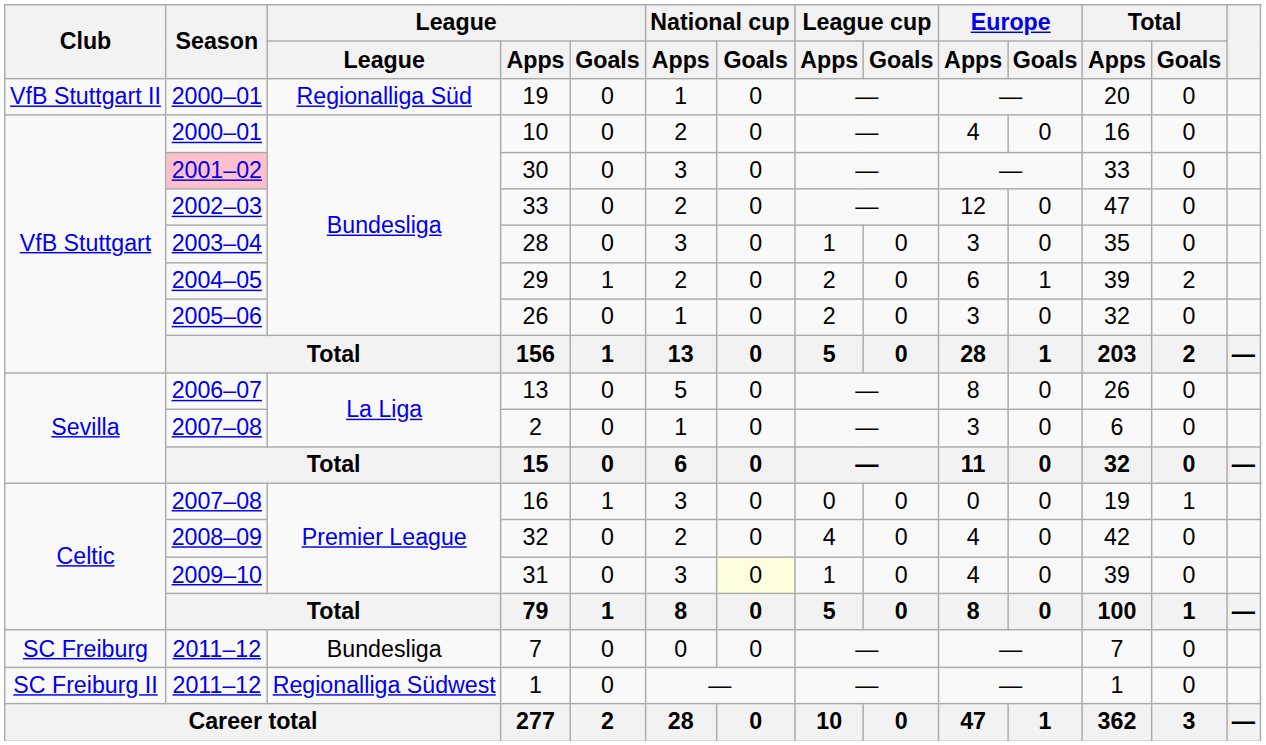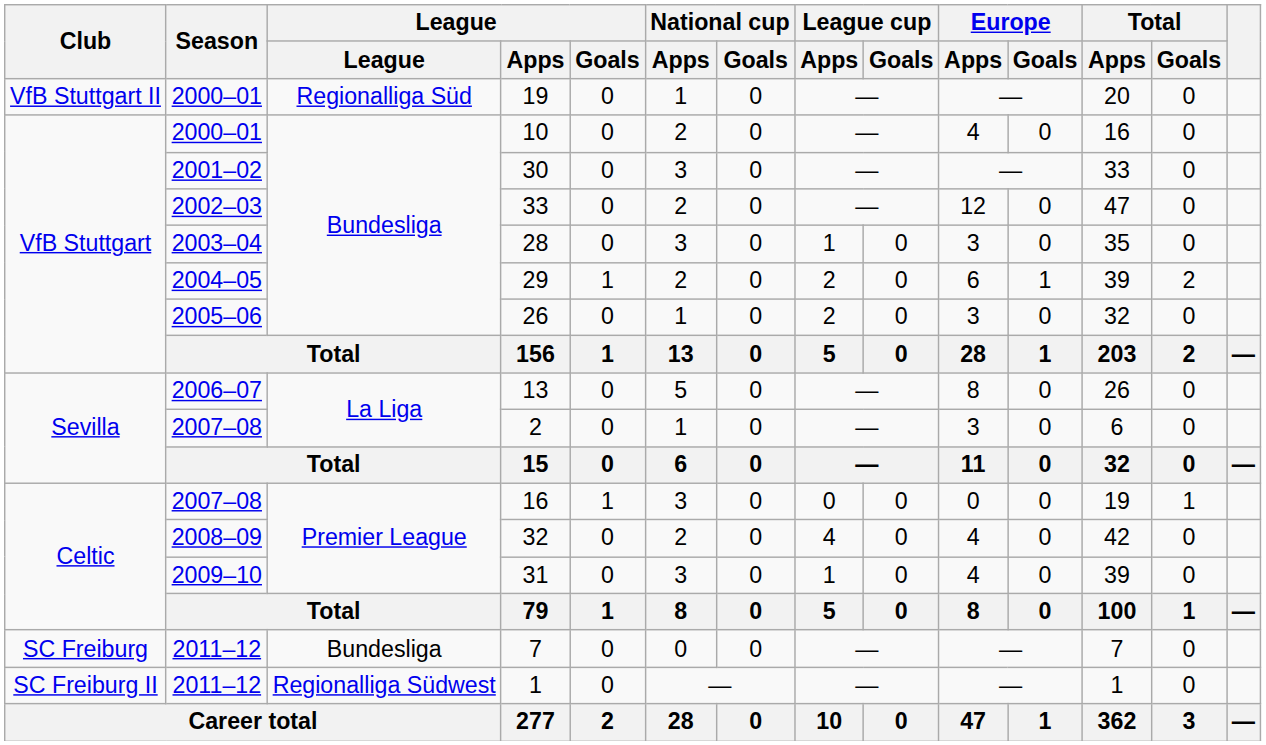 <table class="wikitable" style="text-align:center">
 <tr>
 <th rowspan="2">Club</th>
 <th rowspan="2">Season</th>
 <th colspan="3">League</th>
 <th colspan="2">National cup</th>
 <th colspan="2">League cup</th>
 <th colspan="2"><a href='#'>Europe</a></th>
 <th colspan="2">Total</th>
 <th rowspan="2"></th>
 </tr>
 <tr>
 <th>League</th>
 <th>Apps</th>
 <th>Goals</th>
 <th>Apps</th>
 <th>Goals</th>
 <th>Apps</th>
 <th>Goals</th>
 <th>Apps</th>
 <th>Goals</th>
 <th>Apps</th>
 <th>Goals</th>
 </tr>
 <tr>
 <td><a href='#'>VfB Stuttgart II</a></td>
 <td><a href='#'>2000–01</a></td>
 <td><a href='#'>Regionalliga Süd</a></td>
 <td>19</td>
 <td>0</td>
 <td>1</td>
 <td>0</td>
 <td colspan="2">—</td>
 <td colspan="2">—</td>
 <td>20</td>
 <td>0</td>
 <td></td>
 </tr>
 <tr>
 <td rowspan="7"><a href='#'>VfB Stuttgart</a></td>
 <td><a href='#'>2000–01</a></td>
 <td rowspan="6"><a href='#'>Bundesliga</a></td>
 <td>10</td>
 <td>0</td>
 <td>2</td>
 <td>0</td>
 <td colspan="2">—</td>
 <td>4</td>
 <td>0</td>
 <td>16</td>
 <td>0</td>
 <td></td>
 </tr>
 <tr>
-<td style="background: pink;"><a href='#'>2001–02</a></td>
+<td><a href='#'>2001–02</a></td>
 <td>30</td>
 <td>0</td>
 <td>3</td>
 <td>0</td>
 <td colspan="2">—</td>
 <td colspan="2">—</td>
 <td>33</td>
 <td>0</td>
 <td></td>
 </tr>
 <tr>
 <td><a href='#'>2002–03</a></td>
 <td>33</td>
 <td>0</td>
 <td>2</td>
 <td>0</td>
 <td colspan="2">—</td>
 <td>12</td>
 <td>0</td>
 <td>47</td>
 <td>0</td>
 <td></td>
 </tr>
 <tr>
 <td><a href='#'>2003–04</a></td>
 <td>28</td>
 <td>0</td>
 <td>3</td>
 <td>0</td>
 <td>1</td>
 <td>0</td>
 <td>3</td>
 <td>0</td>
 <td>35</td>
 <td>0</td>
 <td></td>
 </tr>
 <tr>
 <td><a href='#'>2004–05</a></td>
 <td>29</td>
 <td>1</td>
 <td>2</td>
 <td>0</td>
 <td>2</td>
 <td>0</td>
 <td>6</td>
 <td>1</td>
 <td>39</td>
 <td>2</td>
 <td></td>
 </tr>
 <tr>
 <td><a href='#'>2005–06</a></td>
 <td>26</td>
 <td>0</td>
 <td>1</td>
 <td>0</td>
 <td>2</td>
 <td>0</td>
 <td>3</td>
 <td>0</td>
 <td>32</td>
 <td>0</td>
 <td></td>
 </tr>
 <tr>
 <th colspan="2">Total</th>
 <th>156</th>
 <th>1</th>
 <th>13</th>
 <th>0</th>
 <th>5</th>
 <th>0</th>
 <th>28</th>
 <th>1</th>
 <th>203</th>
 <th>2</th>
 <th>—</th>
 </tr>
 <tr>
 <td rowspan="3"><a href='#'>Sevilla</a></td>
 <td><a href='#'>2006–07</a></td>
 <td rowspan="2"><a href='#'>La Liga</a></td>
 <td>13</td>
 <td>0</td>
 <td>5</td>
 <td>0</td>
 <td colspan="2">—</td>
 <td>8</td>
 <td>0</td>
 <td>26</td>
 <td>0</td>
 <td></td>
 </tr>
 <tr>
 <td><a href='#'>2007–08</a></td>
 <td>2</td>
 <td>0</td>
 <td>1</td>
 <td>0</td>
 <td colspan="2">—</td>
 <td>3</td>
 <td>0</td>
 <td>6</td>
 <td>0</td>
 <td></td>
 </tr>
 <tr>
 <th colspan="2">Total</th>
 <th>15</th>
 <th>0</th>
 <th>6</th>
 <th>0</th>
 <th colspan="2">—</th>
 <th>11</th>
 <th>0</th>
 <th>32</th>
 <th>0</th>
 <th>—</th>
 </tr>
 <tr>
 <td rowspan="4"><a href='#'>Celtic</a></td>
 <td><a href='#'>2007–08</a></td>
 <td rowspan="3"><a href='#'>Premier League</a></td>
 <td>16</td>
 <td>1</td>
 <td>3</td>
 <td>0</td>
 <td>0</td>
 <td>0</td>
 <td>0</td>
 <td>0</td>
 <td>19</td>
 <td>1</td>
 <td></td>
 </tr>
 <tr>
 <td><a href='#'>2008–09</a></td>
 <td>32</td>
 <td>0</td>
 <td>2</td>
 <td>0</td>
 <td>4</td>
 <td>0</td>
 <td>4</td>
 <td>0</td>
 <td>42</td>
 <td>0</td>
 <td></td>
 </tr>
 <tr>
 <td><a href='#'>2009–10</a></td>
 <td>31</td>
 <td>0</td>
 <td>3</td>
-<td style="background: lightyellow;">0</td>
+<td>0</td>
 <td>1</td>
 <td>0</td>
 <td>4</td>
 <td>0</td>
 <td>39</td>
 <td>0</td>
 <td></td>
 </tr>
 <tr>
 <th colspan="2">Total</th>
 <th>79</th>
 <th>1</th>
 <th>8</th>
 <th>0</th>
 <th>5</th>
 <th>0</th>
 <th>8</th>
 <th>0</th>
 <th>100</th>
 <th>1</th>
 <th>—</th>
 </tr>
 <tr>
 <td><a href='#'>SC Freiburg</a></td>
 <td><a href='#'>2011–12</a></td>
 <td>Bundesliga</td>
 <td>7</td>
 <td>0</td>
 <td>0</td>
 <td>0</td>
 <td colspan="2">—</td>
 <td colspan="2">—</td>
 <td>7</td>
 <td>0</td>
 <td></td>
 </tr>
 <tr>
 <td><a href='#'>SC Freiburg II</a></td>
 <td><a href='#'>2011–12</a></td>
 <td><a href='#'>Regionalliga Südwest</a></td>
 <td>1</td>
 <td>0</td>
 <td colspan="2">—</td>
 <td colspan="2">—</td>
 <td colspan="2">—</td>
 <td>1</td>
 <td>0</td>
 <td></td>
 </tr>
 <tr>
 <th colspan="3">Career total</th>
 <th>277</th>
 <th>2</th>
 <th>28</th>
 <th>0</th>
 <th>10</th>
 <th>0</th>
 <th>47</th>
 <th>1</th>
 <th>362</th>
 <th>3</th>
 <th>—</th>
 </tr>
 </table>
